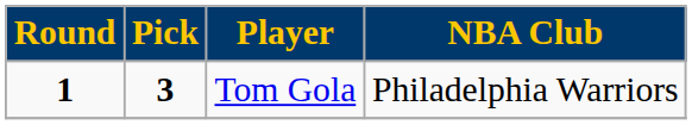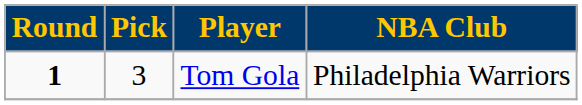 <table class="wikitable">
 <tr align="center">
 <th style="background:#00386B;color:#FFC700;">Round</th>
 <th style="background:#00386B;color:#FFC700;">Pick</th>
 <th style="background:#00386B;color:#FFC700;">Player</th>
 <th style="background:#00386B;color:#FFC700;">NBA Club</th>
 </tr>
 <tr align="center" bgcolor="">
 <td><strong>1</strong></td>
-<td><strong>3</strong></td>
+<td>3</td>
 <td><a href='#'>Tom Gola</a></td>
 <td>Philadelphia Warriors</td>
 </tr>
 <tr align="center" bgcolor="">
 </tr>
 </table>
